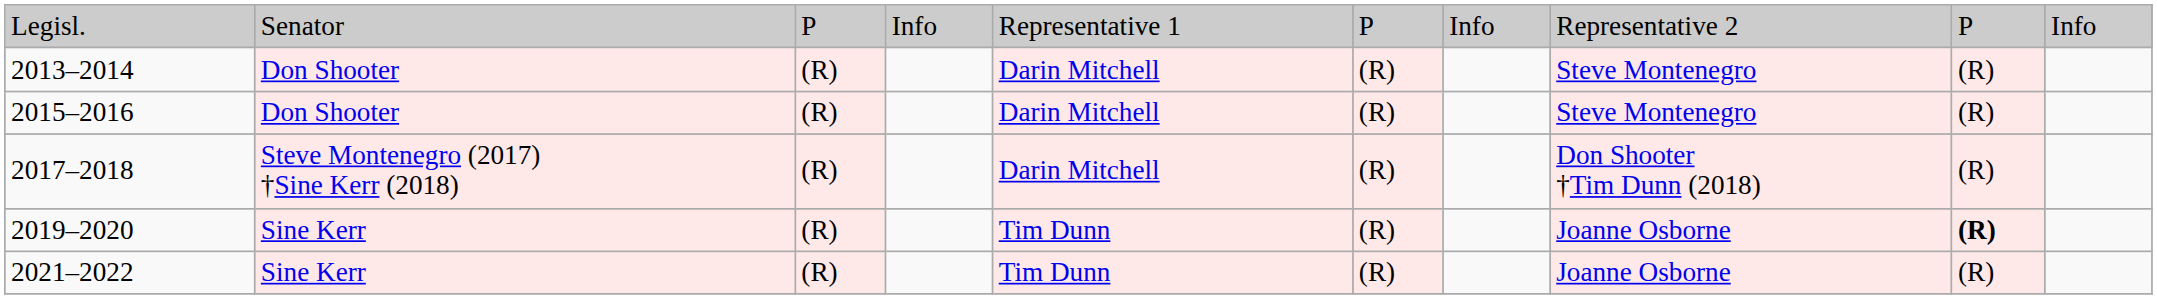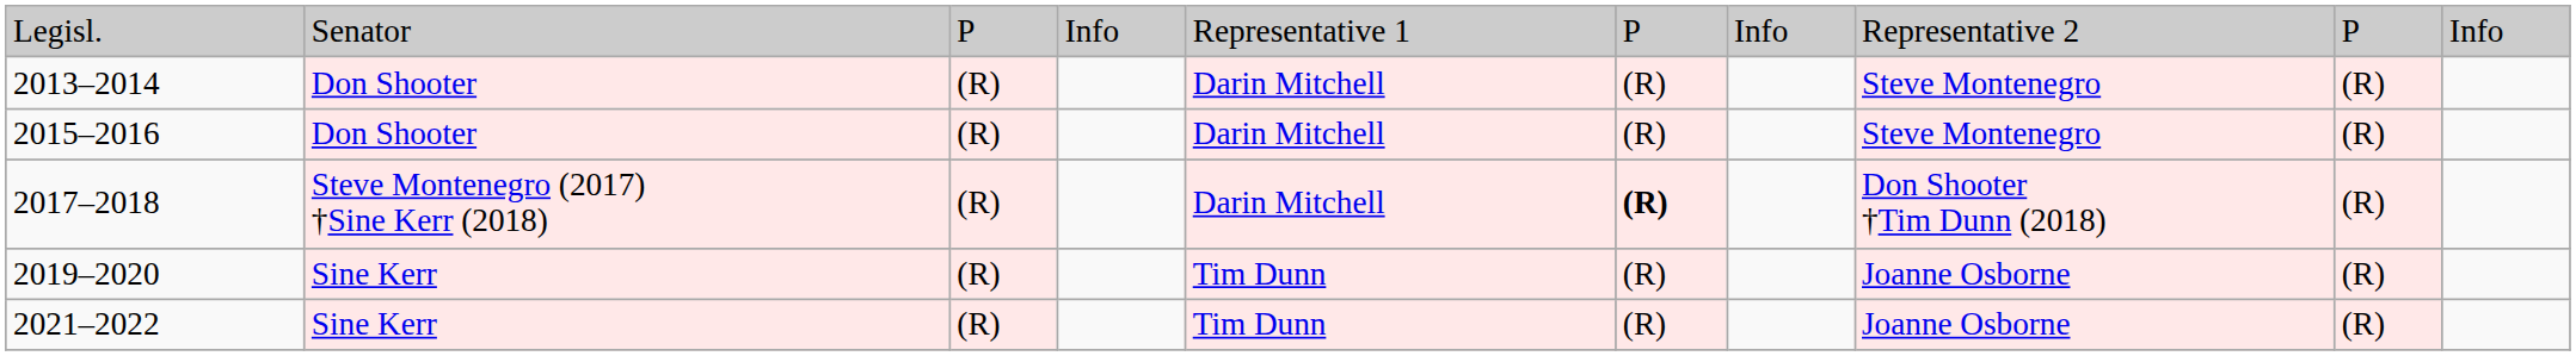 <table class=wikitable width="100%" border="1">
 <tr style="background-color:#cccccc;">
 <td>Legisl.</td>
 <td>Senator</td>
 <td>P</td>
 <td>Info</td>
 <td>Representative 1</td>
 <td>P</td>
 <td>Info</td>
 <td>Representative 2</td>
 <td>P</td>
 <td>Info</td>
 </tr>
 <tr>
 <td>2013–2014</td>
 <td style="background:#FFE8E8"><a href='#'>Don Shooter</a></td>
 <td style="background:#FFE8E8">(R)</td>
 <td></td>
 <td style="background:#FFE8E8"><a href='#'>Darin Mitchell</a></td>
 <td style="background:#FFE8E8">(R)</td>
 <td></td>
 <td style="background:#FFE8E8"><a href='#'>Steve Montenegro</a></td>
 <td style="background:#FFE8E8">(R)</td>
 <td></td>
 </tr>
 <tr>
 <td>2015–2016</td>
 <td style="background:#FFE8E8"><a href='#'>Don Shooter</a></td>
 <td style="background:#FFE8E8">(R)</td>
 <td></td>
 <td style="background:#FFE8E8"><a href='#'>Darin Mitchell</a></td>
 <td style="background:#FFE8E8">(R)</td>
 <td></td>
 <td style="background:#FFE8E8"><a href='#'>Steve Montenegro</a></td>
 <td style="background:#FFE8E8">(R)</td>
 <td></td>
 </tr>
 <tr>
 <td>2017–2018</td>
 <td style="background:#FFE8E8"><a href='#'>Steve Montenegro</a> (2017)<br>†<a href='#'>Sine Kerr</a> (2018)</td>
 <td style="background:#FFE8E8">(R)</td>
 <td></td>
 <td style="background:#FFE8E8"><a href='#'>Darin Mitchell</a></td>
-<td style="background:#FFE8E8">(R)</td>
+<td style="background:#FFE8E8"><strong>(R)</strong></td>
 <td></td>
 <td style="background:#FFE8E8"><a href='#'>Don Shooter</a><br>†<a href='#'>Tim Dunn</a> (2018)</td>
 <td style="background:#FFE8E8">(R)</td>
 <td></td>
 </tr>
 <tr>
 <td>2019–2020</td>
 <td style="background:#FFE8E8"><a href='#'>Sine Kerr</a></td>
 <td style="background:#FFE8E8">(R)</td>
 <td></td>
 <td style="background:#FFE8E8"><a href='#'>Tim Dunn</a></td>
 <td style="background:#FFE8E8">(R)</td>
 <td></td>
 <td style="background:#FFE8E8"><a href='#'>Joanne Osborne</a></td>
-<td style="background:#FFE8E8"><strong>(R)</strong></td>
+<td style="background:#FFE8E8">(R)</td>
 <td></td>
 </tr>
 <tr>
 <td>2021–2022</td>
 <td style="background:#FFE8E8"><a href='#'>Sine Kerr</a></td>
 <td style="background:#FFE8E8">(R)</td>
 <td></td>
 <td style="background:#FFE8E8"><a href='#'>Tim Dunn</a></td>
 <td style="background:#FFE8E8">(R)</td>
 <td></td>
 <td style="background:#FFE8E8"><a href='#'>Joanne Osborne</a></td>
 <td style="background:#FFE8E8">(R)</td>
 <td></td>
 </tr>
 </table>
